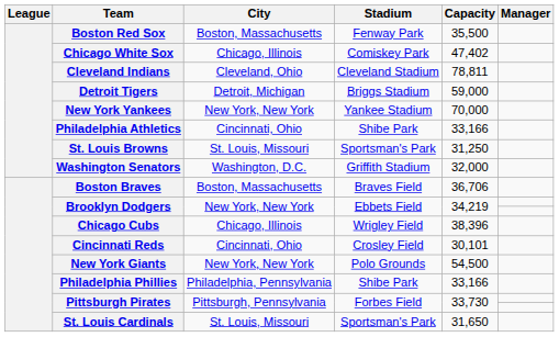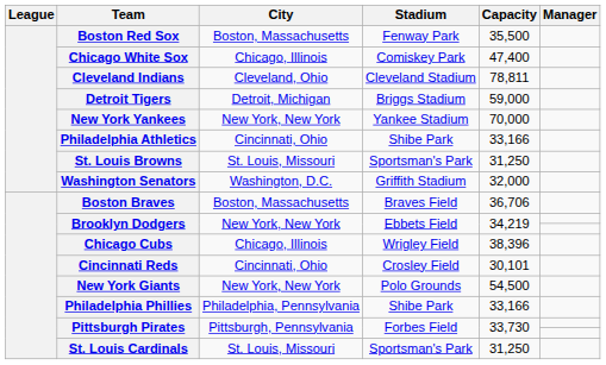 <table class="wikitable sortable plainrowheaders" style="text-align:center;">
 <tr>
 <th scope="col">League</th>
 <th scope="col">Team</th>
 <th scope="col">City</th>
 <th scope="col">Stadium</th>
 <th scope="col">Capacity</th>
 <th scope="col">Manager</th>
 </tr>
 <tr>
 <th rowspan="8"></th>
 <th scope="row"><a href='#'>Boston Red Sox</a></th>
 <td><a href='#'>Boston, Massachusetts</a></td>
 <td><a href='#'>Fenway Park</a></td>
 <td>35,500</td>
 <td></td>
 </tr>
 <tr>
 <th scope="row"><a href='#'>Chicago White Sox</a></th>
 <td><a href='#'>Chicago, Illinois</a></td>
 <td><a href='#'>Comiskey Park</a></td>
-<td>47,402</td>
+<td>47,400</td>
 <td></td>
 </tr>
 <tr>
 <th scope="row"><a href='#'>Cleveland Indians</a></th>
 <td><a href='#'>Cleveland, Ohio</a></td>
 <td><a href='#'>Cleveland Stadium</a></td>
 <td>78,811</td>
 <td></td>
 </tr>
 <tr>
 <th scope="row"><a href='#'>Detroit Tigers</a></th>
 <td><a href='#'>Detroit, Michigan</a></td>
 <td><a href='#'>Briggs Stadium</a></td>
 <td>59,000</td>
 <td></td>
 </tr>
 <tr>
 <th scope="row"><a href='#'>New York Yankees</a></th>
 <td><a href='#'>New York, New York</a></td>
 <td><a href='#'>Yankee Stadium</a></td>
 <td>70,000</td>
 <td></td>
 </tr>
 <tr>
 <th scope="row"><a href='#'>Philadelphia Athletics</a></th>
 <td><a href='#'>Cincinnati, Ohio</a></td>
 <td><a href='#'>Shibe Park</a></td>
 <td>33,166</td>
 <td></td>
 </tr>
 <tr>
 <th scope="row"><a href='#'>St. Louis Browns</a></th>
 <td><a href='#'>St. Louis, Missouri</a></td>
 <td><a href='#'>Sportsman's Park</a></td>
 <td>31,250</td>
 <td></td>
 </tr>
 <tr>
 <th scope="row"><a href='#'>Washington Senators</a></th>
 <td><a href='#'>Washington, D.C.</a></td>
 <td><a href='#'>Griffith Stadium</a></td>
 <td>32,000</td>
 <td></td>
 </tr>
 <tr>
 <th rowspan="10"></th>
 <th scope="row"><a href='#'>Boston Braves</a></th>
 <td><a href='#'>Boston, Massachusetts</a></td>
 <td><a href='#'>Braves Field</a></td>
 <td>36,706</td>
 <td></td>
 </tr>
 <tr>
 <th rowspan="2" scope="row"><a href='#'>Brooklyn Dodgers</a></th>
 <td rowspan="2"><a href='#'>New York, New York</a></td>
 <td rowspan="2"><a href='#'>Ebbets Field</a></td>
 <td rowspan="2">34,219</td>
 <td></td>
 </tr>
 <tr>
 <td></td>
 </tr>
 <tr>
 <th scope="row"><a href='#'>Chicago Cubs</a></th>
 <td><a href='#'>Chicago, Illinois</a></td>
 <td><a href='#'>Wrigley Field</a></td>
 <td>38,396</td>
 <td></td>
 </tr>
 <tr>
 <th scope="row"><a href='#'>Cincinnati Reds</a></th>
 <td><a href='#'>Cincinnati, Ohio</a></td>
 <td><a href='#'>Crosley Field</a></td>
 <td>30,101</td>
 <td></td>
 </tr>
 <tr>
 <th scope="row"><a href='#'>New York Giants</a></th>
 <td><a href='#'>New York, New York</a></td>
 <td><a href='#'>Polo Grounds</a></td>
 <td>54,500</td>
 <td></td>
 </tr>
 <tr>
 <th scope="row"><a href='#'>Philadelphia Phillies</a></th>
 <td><a href='#'>Philadelphia, Pennsylvania</a></td>
 <td><a href='#'>Shibe Park</a></td>
 <td>33,166</td>
 <td></td>
 </tr>
 <tr>
 <th rowspan="2" scope="row"><a href='#'>Pittsburgh Pirates</a></th>
 <td rowspan="2"><a href='#'>Pittsburgh, Pennsylvania</a></td>
 <td rowspan="2"><a href='#'>Forbes Field</a></td>
 <td rowspan="2">33,730</td>
 <td></td>
 </tr>
 <tr>
 <td></td>
 </tr>
 <tr>
 <th scope="row"><a href='#'>St. Louis Cardinals</a></th>
 <td><a href='#'>St. Louis, Missouri</a></td>
 <td><a href='#'>Sportsman's Park</a></td>
-<td>31,650</td>
+<td>31,250</td>
 <td></td>
 </tr>
 </table>
